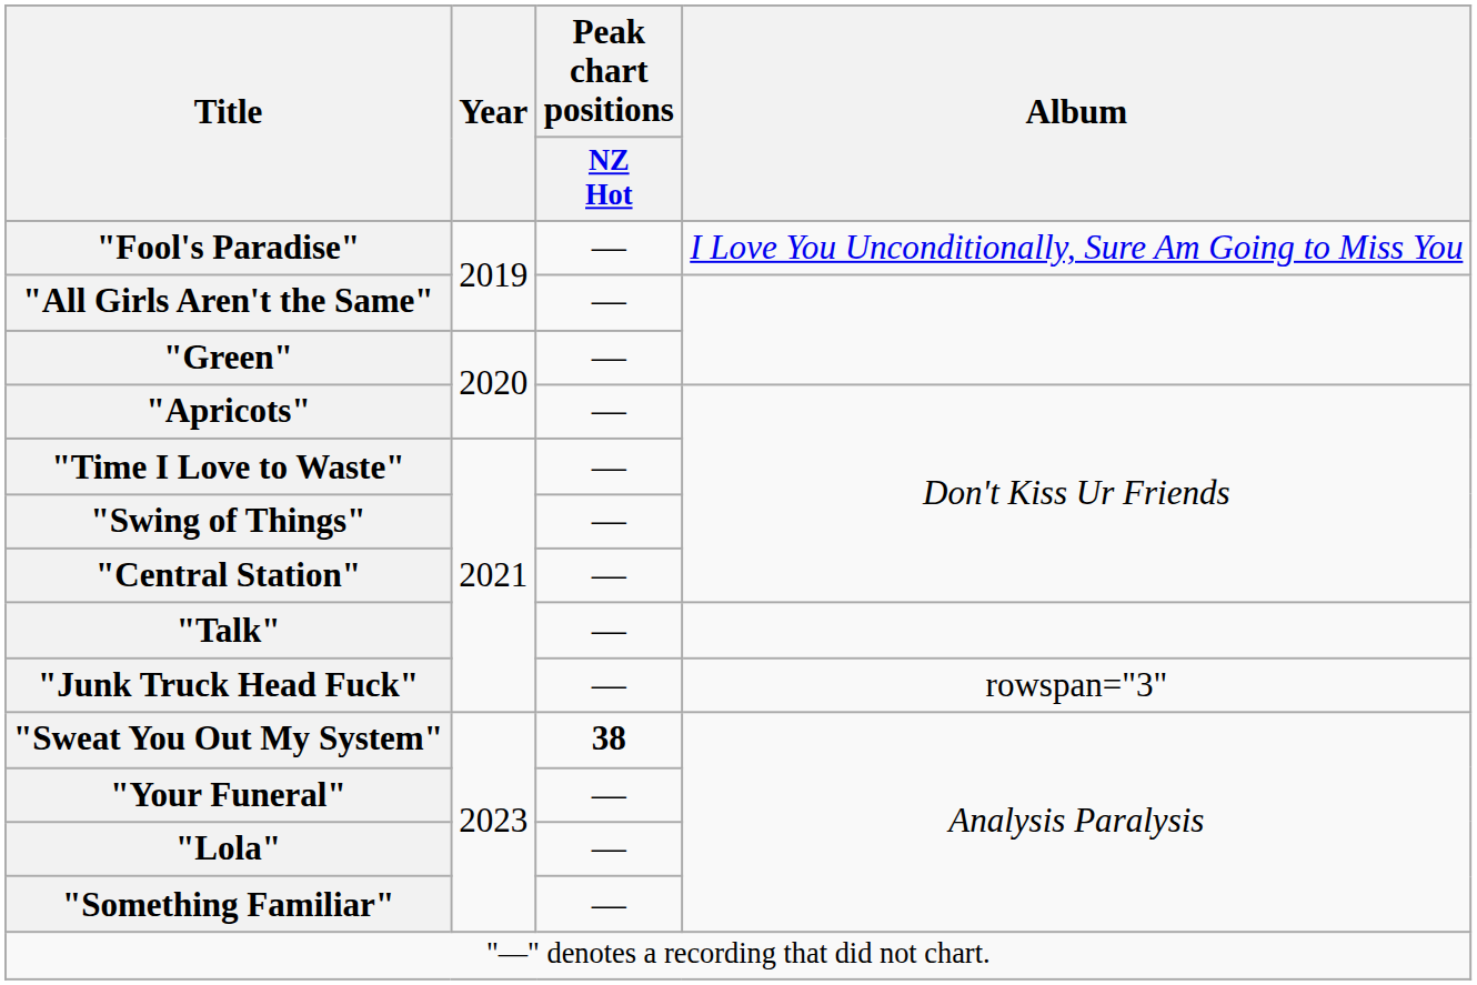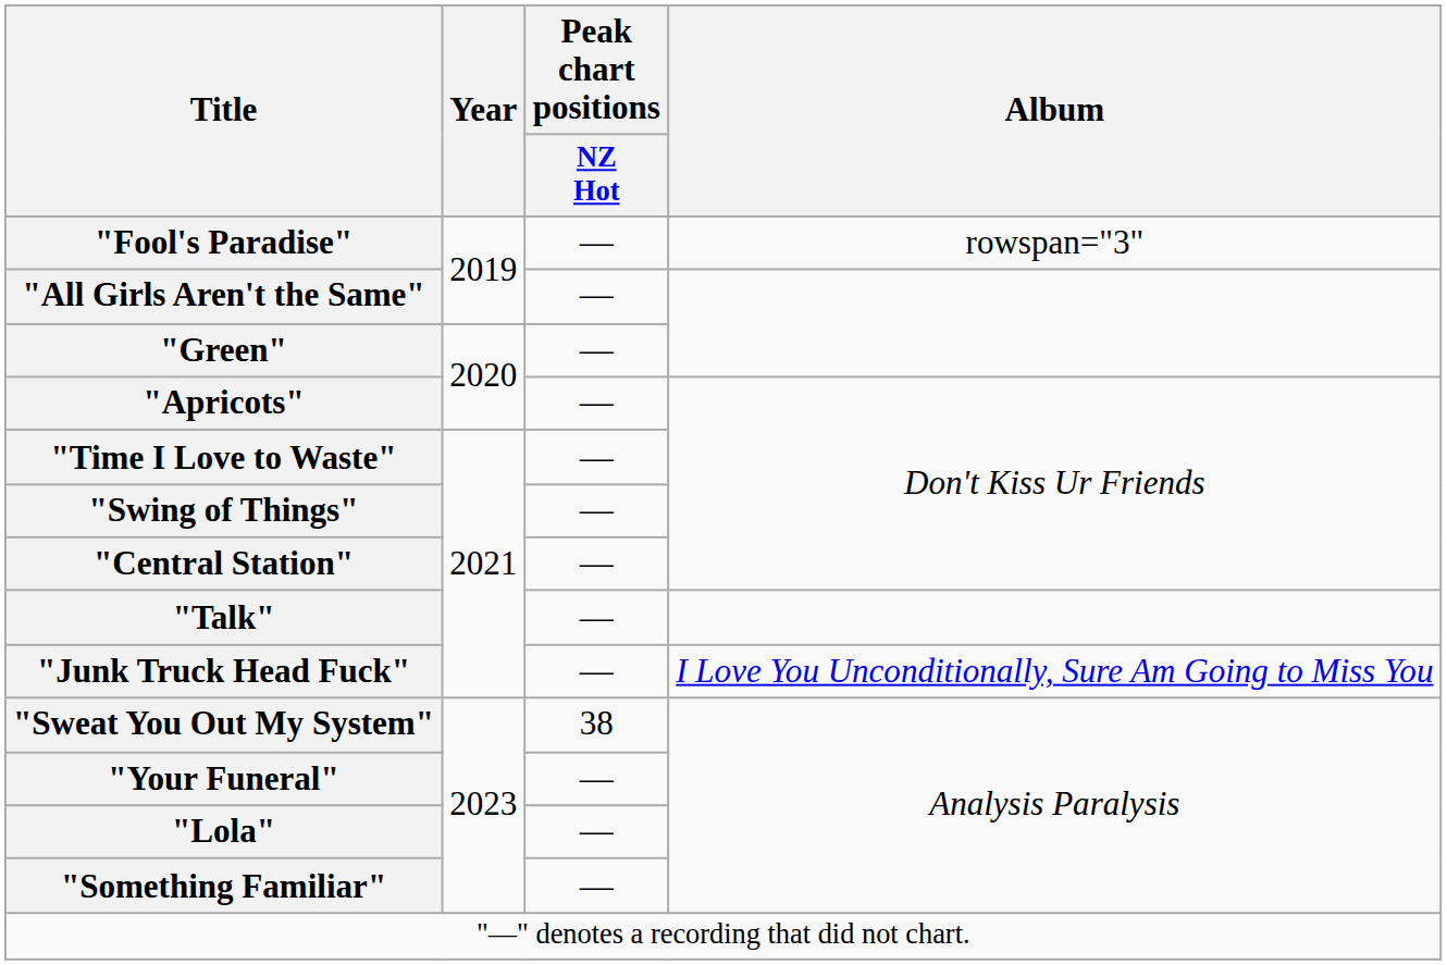 <table class="wikitable plainrowheaders" style="text-align:center;">
 <tr>
 <th scope="col" rowspan="2">Title</th>
 <th scope="col" rowspan="2">Year</th>
 <th scope="col" colspan="1">Peak chart positions</th>
 <th scope="col" rowspan="2">Album</th>
 </tr>
 <tr>
 <th scope="col" style="width:2.75em;font-size:85%;"><a href='#'>NZ<br>Hot</a><br></th>
 </tr>
 <tr>
 <th scope="row">"Fool's Paradise"</th>
 <td rowspan="2">2019</td>
 <td —>—</td>
-<td><em><a href='#'>I Love You Unconditionally, Sure Am Going to Miss You</a></em></td>
+<td>rowspan="3" </td>
 </tr>
 <tr>
 <th scope="row">"All Girls Aren't the Same"</th>
 <td —>—</td>
 </tr>
 <tr>
 <th scope="row">"Green"</th>
 <td rowspan="2">2020</td>
 <td —>—</td>
 </tr>
 <tr>
 <th scope="row">"Apricots"</th>
 <td —>—</td>
 <td rowspan="4"><em>Don't Kiss Ur Friends</em></td>
 </tr>
 <tr>
 <th scope="row">"Time I Love to Waste"</th>
 <td rowspan="5">2021</td>
 <td —>—</td>
 </tr>
 <tr>
 <th scope="row">"Swing of Things"</th>
 <td —>—</td>
 </tr>
 <tr>
 <th scope="row">"Central Station"</th>
 <td —>—</td>
 </tr>
 <tr>
 <th scope="row">"Talk"<br></th>
 <td 94>—</td>
 <td></td>
 </tr>
 <tr>
 <th scope="row">"Junk Truck Head Fuck"<br></th>
 <td —>—</td>
-<td>rowspan="3" </td>
+<td><em><a href='#'>I Love You Unconditionally, Sure Am Going to Miss You</a></em></td>
 </tr>
 <tr>
 <th scope="row">"Sweat You Out My System"</th>
 <td rowspan="4">2023</td>
-<td —><strong>38</strong></td>
+<td —>38</td>
 <td rowspan="4"><em>Analysis Paralysis</em></td>
 </tr>
 <tr>
 <th scope="row">"Your Funeral"</th>
 <td —>—</td>
 </tr>
 <tr>
 <th scope="row">"Lola"</th>
 <td —>—</td>
 </tr>
 <tr>
 <th scope="row">"Something Familiar"</th>
 <td —>—</td>
 </tr>
 <tr>
 <td colspan="14" style="font-size:85%">"—" denotes a recording that did not chart.</td>
 </tr>
 </table>
